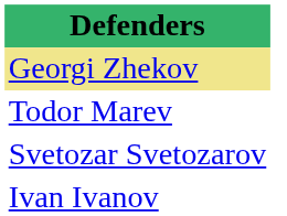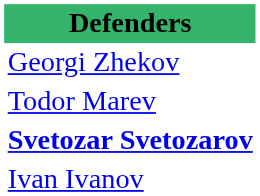 <table class="toccolours" border="0" cellpadding="2" cellspacing="0" align=left style="margin:0.5em;">
 <tr>
 <th colspan="4" align="center" bgcolor="#34B36B"><span>Defenders</span></th>
 </tr>
 <tr>
-<td style="background: khaki;"> <a href='#'>Georgi Zhekov</a></td>
+<td> <a href='#'>Georgi Zhekov</a></td>
 </tr>
 <tr>
 <td> <a href='#'>Todor Marev</a></td>
 </tr>
 <tr>
-<td> <a href='#'>Svetozar Svetozarov</a></td>
+<td><strong> <a href='#'>Svetozar Svetozarov</a></strong></td>
 </tr>
 <tr>
 <td> <a href='#'>Ivan Ivanov</a></td>
 </tr>
 <tr>
 </tr>
 </table>
